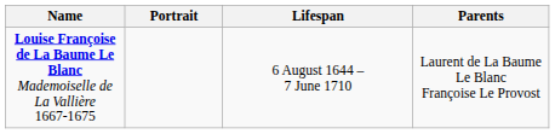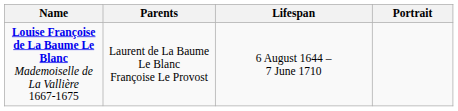 <table style="text-align:center; width:100%" class="wikitable">
 <tr>
 <th width=22%>Name</th>
+<th width=25%>Parents</th>
+<th>Lifespan</th>
 <th width=105px>Portrait</th>
-<th>Lifespan</th>
-<th width=25%>Parents</th>
 </tr>
 <tr>
 <td><strong><a href='#'>Louise Françoise de La Baume Le Blanc</a></strong><br><em>Mademoiselle de La Vallière</em><br>1667-1675</td>
+<td>Laurent de La Baume Le Blanc<br>Françoise Le Provost</td>
+<td>6 August 1644 –<br> 7 June 1710</td>
 <td></td>
-<td>6 August 1644 –<br> 7 June 1710</td>
-<td>Laurent de La Baume Le Blanc<br>Françoise Le Provost</td>
 </tr>
 </table>
